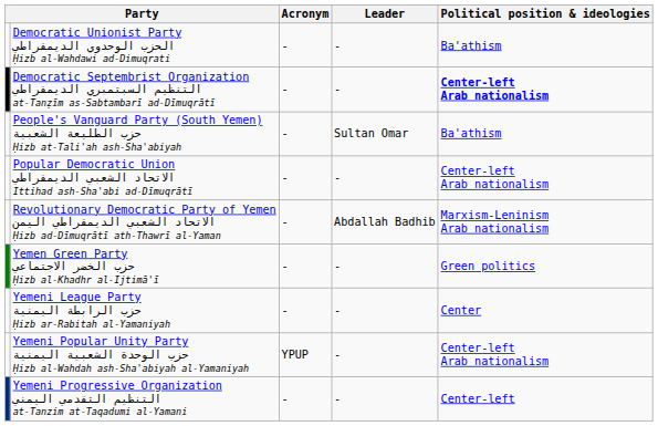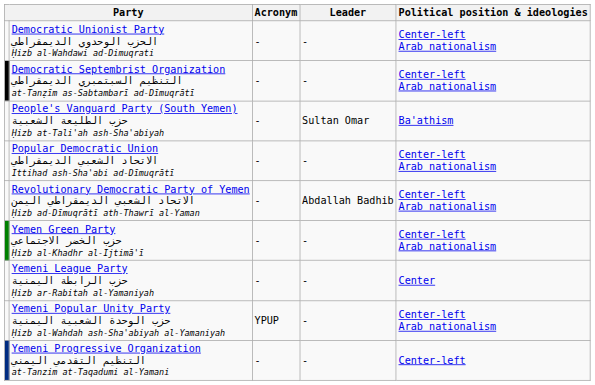 <table class="wikitable">
 <tr>
 <th colspan=2>Party</th>
 <th>Acronym</th>
 <th>Leader</th>
 <th>Political position & ideologies</th>
 </tr>
 <tr>
 <td bgcolor=></td>
 <td><a href='#'>Democratic Unionist Party</a><br><span>الحزب الوحدوي الديمقراطي</span><br><small><em>Ḥizb al-Wahdawi ad-Dimuqrati</em></small></td>
 <td>-</td>
 <td>-</td>
-<td><a href='#'>Ba'athism</a></td>
+<td><a href='#'>Center-left</a><br><a href='#'>Arab nationalism</a></td>
 </tr>
 <tr>
 <td bgcolor=black></td>
 <td><a href='#'>Democratic Septembrist Organization</a><br><span>التنظيم السبتمبري الديمقراطي</span><br><small><em>at-Tanẓīm as-Sabtambarī ad-Dīmuqrātī</em></small></td>
 <td>-</td>
 <td>-</td>
-<td><strong><a href='#'>Center-left</a><br><a href='#'>Arab nationalism</a></strong></td>
+<td><a href='#'>Center-left</a><br><a href='#'>Arab nationalism</a></td>
 </tr>
 <tr>
 <td bgcolor=></td>
 <td><a href='#'>People's Vanguard Party (South Yemen)</a><br><span>حزب الطليعة الشعبية</span><br><small><em>Ḥizb at-Tali'ah ash-Sha'abiyah</em></small></td>
 <td>-</td>
 <td>Sultan Omar</td>
 <td><a href='#'>Ba'athism</a></td>
 </tr>
 <tr>
 <td bgcolor=></td>
 <td><a href='#'>Popular Democratic Union</a><br><span>الاتحاد الشعبي الديمقراطي</span><br><small><em>Ittihad ash-Sha'abi ad-Dīmuqrātī</em></small></td>
 <td>-</td>
 <td>-</td>
 <td><a href='#'>Center-left</a><br><a href='#'>Arab nationalism</a></td>
 </tr>
 <tr>
 <td bgcolor=></td>
 <td><a href='#'>Revolutionary Democratic Party of Yemen</a><br><span>الاتحاد الشعبي الديمقراطي اليمن</span><br><small><em>Ḥizb ad-Dīmuqrātī ath-Thawrī al-Yaman</em></small></td>
 <td>-</td>
 <td>Abdallah Badhib</td>
-<td><a href='#'>Marxism-Leninism</a><br><a href='#'>Arab nationalism</a></td>
+<td><a href='#'>Center-left</a><br><a href='#'>Arab nationalism</a></td>
 </tr>
 <tr>
 <td bgcolor=green></td>
 <td><a href='#'>Yemen Green Party</a><br><span>حزب الخضر الاجتماعي</span><br><small><em>Ḥizb al-Khadhr al-Ijtimā'ī</em></small></td>
 <td>-</td>
 <td>-</td>
-<td><a href='#'>Green politics</a></td>
+<td><a href='#'>Center-left</a><br><a href='#'>Arab nationalism</a></td>
 </tr>
 <tr>
 <td bgcolor=></td>
 <td><a href='#'>Yemeni League Party</a><br><span>حزب الرابطة اليمنية</span><br><small><em>Ḥizb ar-Rabitah al-Yamaniyah</em></small></td>
 <td>-</td>
 <td>-</td>
 <td><a href='#'>Center</a></td>
 </tr>
 <tr>
 <td bgcolor=></td>
 <td><a href='#'>Yemeni Popular Unity Party</a><br><span>حزب الوحدة الشعبية اليمنية</span><br><small><em>Ḥizb al-Wahdah ash-Sha'abiyah al-Yamaniyah</em></small></td>
 <td>YPUP</td>
 <td>-</td>
 <td><a href='#'>Center-left</a><br><a href='#'>Arab nationalism</a></td>
 </tr>
 <tr>
 <td bgcolor=#002C82></td>
 <td><a href='#'>Yemeni Progressive Organization</a><br><span>التنظيم التقدمي اليمني</span><br><small><em>at-Tanzim at-Taqadumi al-Yamani</em></small></td>
 <td>-</td>
 <td>-</td>
 <td><a href='#'>Center-left</a></td>
 </tr>
 </table>
